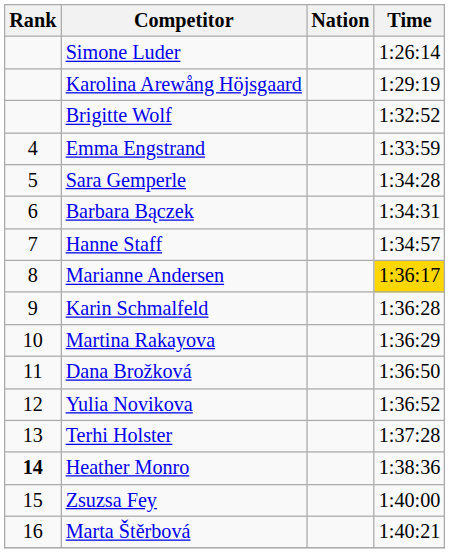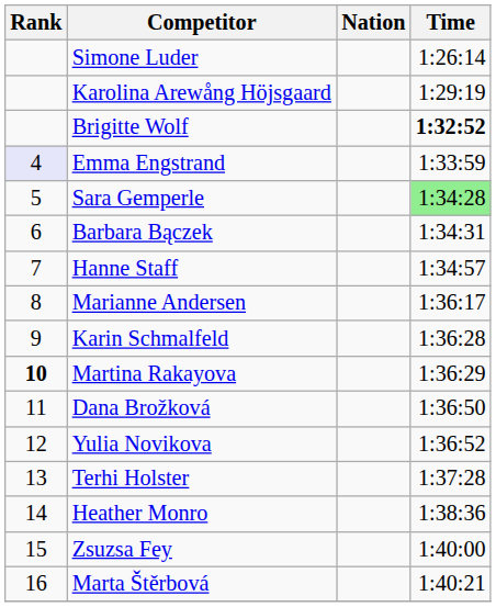 <table class="wikitable sortable" style="text-align:left">
 <tr>
 <th data-sort-type="number">Rank</th>
 <th class="unsortable">Competitor</th>
 <th>Nation</th>
 <th>Time</th>
 </tr>
 <tr>
 <td style="text-align:center"></td>
 <td><a href='#'>Simone Luder</a></td>
 <td></td>
 <td style="text-align:right">1:26:14</td>
 </tr>
 <tr>
 <td style="text-align:center"></td>
 <td><a href='#'>Karolina Arewång Höjsgaard</a></td>
 <td></td>
 <td style="text-align:right">1:29:19</td>
 </tr>
 <tr>
 <td style="text-align:center"></td>
 <td><a href='#'>Brigitte Wolf</a></td>
 <td></td>
-<td style="text-align:right">1:32:52</td>
+<td style="text-align:right"><strong>1:32:52</strong></td>
 </tr>
 <tr>
-<td style="text-align:center">4</td>
+<td style="background: lavender; text-align:center">4</td>
 <td><a href='#'>Emma Engstrand</a></td>
 <td></td>
 <td style="text-align:right">1:33:59</td>
 </tr>
 <tr>
 <td style="text-align:center">5</td>
 <td><a href='#'>Sara Gemperle</a></td>
 <td></td>
-<td style="text-align:right">1:34:28</td>
+<td style="background: lightgreen; text-align:right">1:34:28</td>
 </tr>
 <tr>
 <td style="text-align:center">6</td>
 <td><a href='#'>Barbara Bączek</a></td>
 <td></td>
 <td style="text-align:right">1:34:31</td>
 </tr>
 <tr>
 <td style="text-align:center">7</td>
 <td><a href='#'>Hanne Staff</a></td>
 <td></td>
 <td style="text-align:right">1:34:57</td>
 </tr>
 <tr>
 <td style="text-align:center">8</td>
 <td><a href='#'>Marianne Andersen</a></td>
 <td></td>
-<td style="background: gold; text-align:right">1:36:17</td>
+<td style="text-align:right">1:36:17</td>
 </tr>
 <tr>
 <td style="text-align:center">9</td>
 <td><a href='#'>Karin Schmalfeld</a></td>
 <td></td>
 <td style="text-align:right">1:36:28</td>
 </tr>
 <tr>
-<td style="text-align:center">10</td>
+<td style="text-align:center"><strong>10</strong></td>
 <td><a href='#'>Martina Rakayova</a></td>
 <td></td>
 <td style="text-align:right">1:36:29</td>
 </tr>
 <tr>
 <td style="text-align:center">11</td>
 <td><a href='#'>Dana Brožková</a></td>
 <td></td>
 <td style="text-align:right">1:36:50</td>
 </tr>
 <tr>
 <td style="text-align:center">12</td>
 <td><a href='#'>Yulia Novikova</a></td>
 <td></td>
 <td style="text-align:right">1:36:52</td>
 </tr>
 <tr>
 <td style="text-align:center">13</td>
 <td><a href='#'>Terhi Holster</a></td>
 <td></td>
 <td style="text-align:right">1:37:28</td>
 </tr>
 <tr>
-<td style="text-align:center"><strong>14</strong></td>
+<td style="text-align:center">14</td>
 <td><a href='#'>Heather Monro</a></td>
 <td></td>
 <td style="text-align:right">1:38:36</td>
 </tr>
 <tr>
 <td style="text-align:center">15</td>
 <td><a href='#'>Zsuzsa Fey</a></td>
 <td></td>
 <td style="text-align:right">1:40:00</td>
 </tr>
 <tr>
 <td style="text-align:center">16</td>
 <td><a href='#'>Marta Štěrbová</a></td>
 <td></td>
 <td style="text-align:right">1:40:21</td>
 </tr>
 <tr>
 </tr>
 </table>
